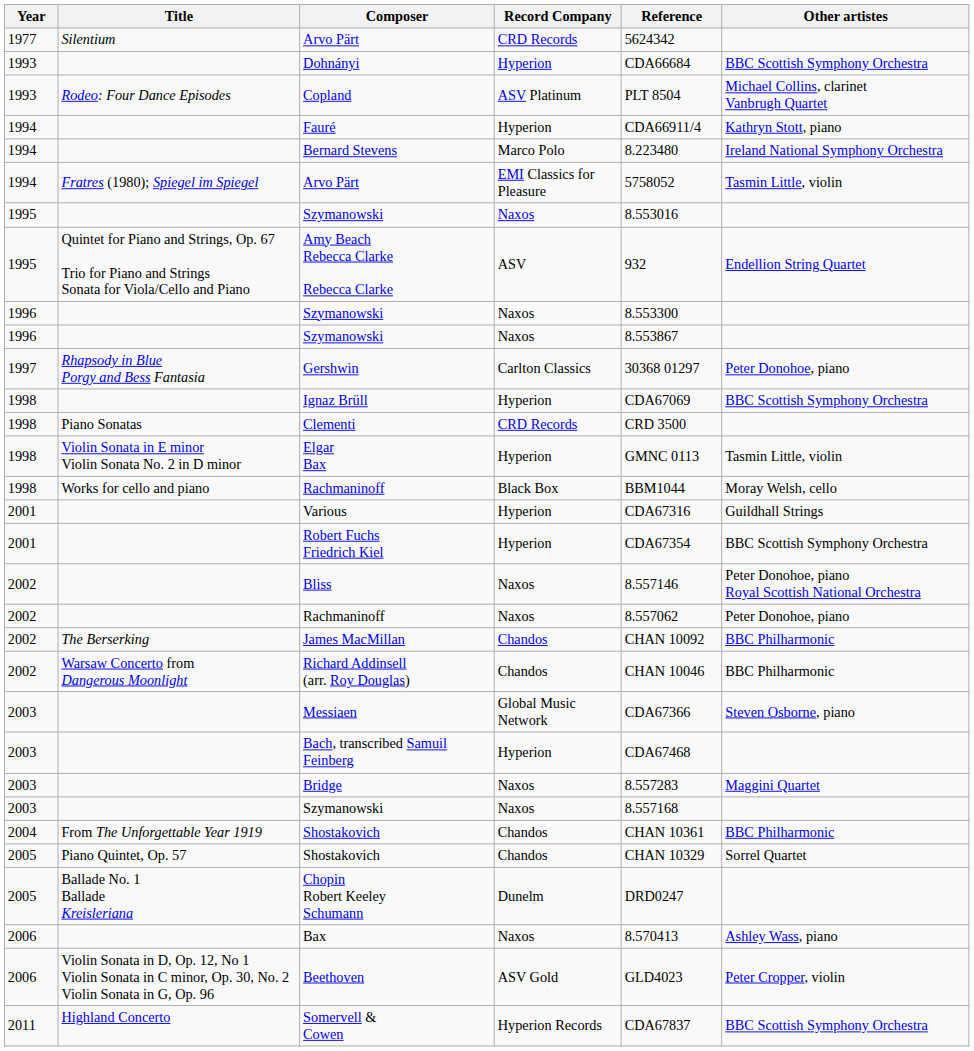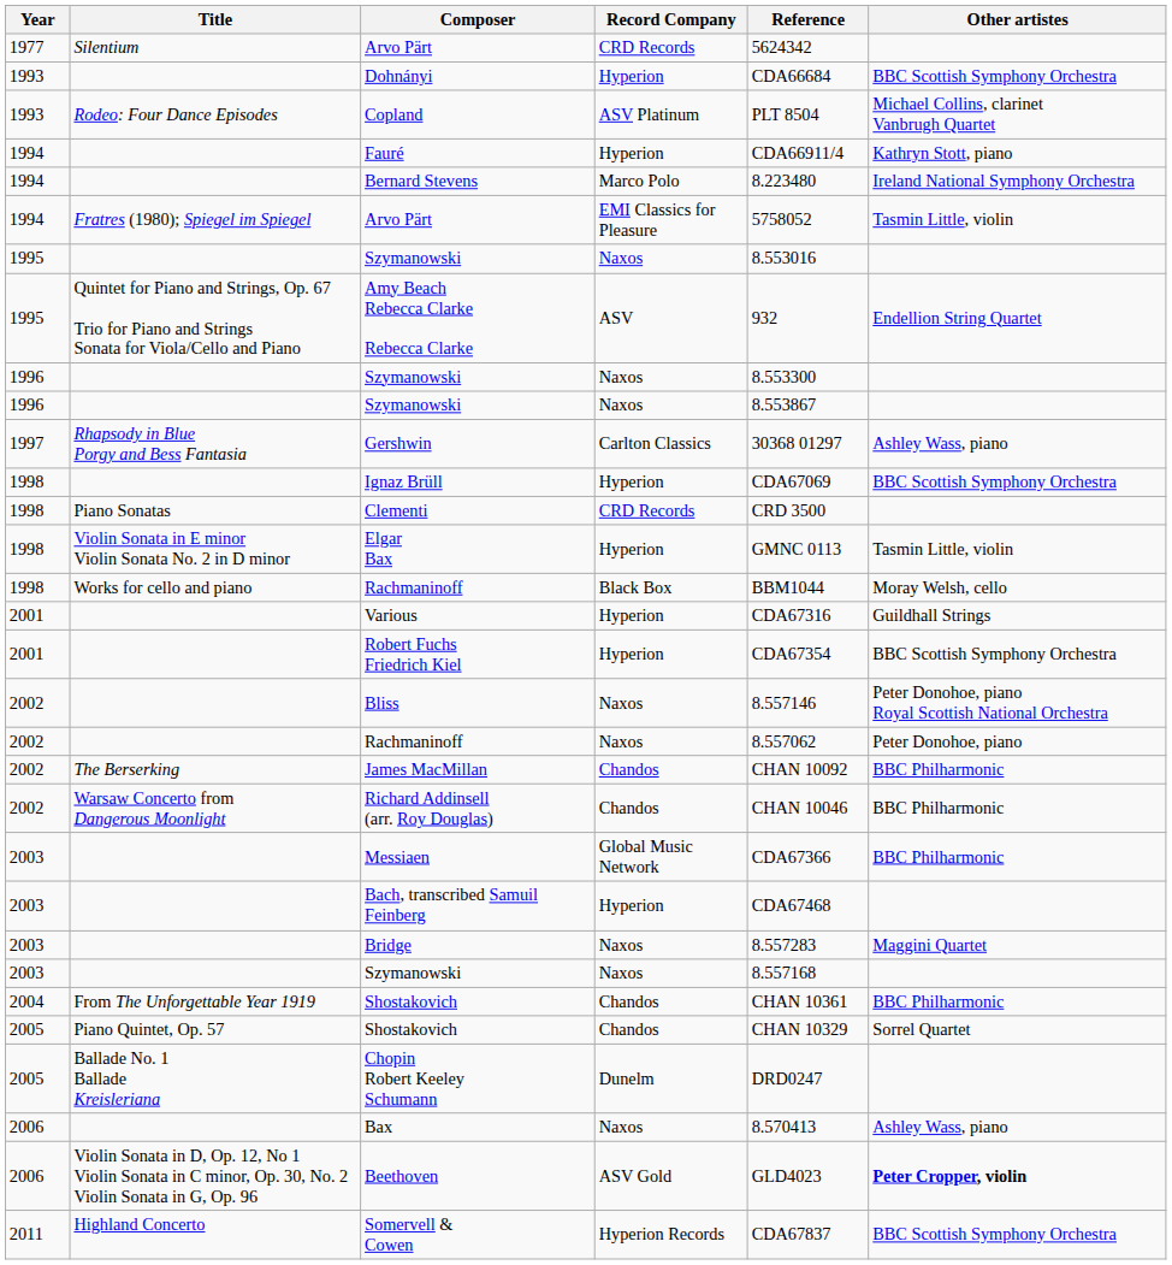 <table class="wikitable" style="font-size: 95%;">
 <tr>
 <th style="width:50px">Year</th>
 <th style="width:250px">Title</th>
 <th style="width:200px">Composer</th>
 <th style="width:128px">Record Company</th>
 <th style="width:100px">Reference</th>
 <th style="width:256px">Other artistes</th>
 </tr>
 <tr>
 <td>1977</td>
 <td><em>Silentium</em></td>
 <td><a href='#'>Arvo Pärt</a></td>
 <td><a href='#'>CRD Records</a></td>
 <td>5624342</td>
 <td></td>
 </tr>
 <tr>
 <td>1993</td>
 <td><br></td>
 <td><a href='#'>Dohnányi</a></td>
 <td><a href='#'>Hyperion</a></td>
 <td>CDA66684</td>
 <td><a href='#'>BBC Scottish Symphony Orchestra</a></td>
 </tr>
 <tr>
 <td>1993</td>
 <td><em><a href='#'>Rodeo</a>: Four Dance Episodes</em></td>
 <td><a href='#'>Copland</a></td>
 <td><a href='#'>ASV</a> Platinum</td>
 <td>PLT 8504</td>
 <td><a href='#'>Michael Collins</a>, clarinet<br><a href='#'>Vanbrugh Quartet</a></td>
 </tr>
 <tr>
 <td>1994</td>
 <td><br></td>
 <td><a href='#'>Fauré</a></td>
 <td>Hyperion</td>
 <td>CDA66911/4</td>
 <td><a href='#'>Kathryn Stott</a>, piano</td>
 </tr>
 <tr>
 <td>1994</td>
 <td></td>
 <td><a href='#'>Bernard Stevens</a></td>
 <td>Marco Polo</td>
 <td>8.223480</td>
 <td><a href='#'>Ireland National Symphony Orchestra</a></td>
 </tr>
 <tr>
 <td>1994</td>
 <td><em><a href='#'>Fratres</a></em> (1980); <em><a href='#'>Spiegel im Spiegel</a></em></td>
 <td><a href='#'>Arvo Pärt</a></td>
 <td><a href='#'>EMI</a> Classics for Pleasure</td>
 <td>5758052</td>
 <td><a href='#'>Tasmin Little</a>, violin</td>
 </tr>
 <tr>
 <td>1995</td>
 <td></td>
 <td><a href='#'>Szymanowski</a></td>
 <td><a href='#'>Naxos</a></td>
 <td>8.553016</td>
 <td></td>
 </tr>
 <tr>
 <td>1995</td>
 <td>Quintet for Piano and Strings, Op. 67<br><br>Trio for Piano and Strings<br>	 Sonata for Viola/Cello and Piano</td>
 <td><a href='#'>Amy Beach</a><br><a href='#'>Rebecca Clarke</a><br><br><a href='#'>Rebecca Clarke</a></td>
 <td>ASV</td>
 <td>932</td>
 <td><a href='#'>Endellion String Quartet</a></td>
 </tr>
 <tr>
 <td>1996</td>
 <td></td>
 <td><a href='#'>Szymanowski</a></td>
 <td>Naxos</td>
 <td>8.553300</td>
 <td></td>
 </tr>
 <tr>
 <td>1996</td>
 <td></td>
 <td><a href='#'>Szymanowski</a></td>
 <td>Naxos</td>
 <td>8.553867</td>
 <td></td>
 </tr>
 <tr>
 <td>1997</td>
 <td><em><a href='#'>Rhapsody in Blue</a></em><br><em><a href='#'>Porgy and Bess</a> Fantasia</em></td>
 <td><a href='#'>Gershwin</a></td>
 <td>Carlton Classics</td>
 <td>30368 01297</td>
-<td><a href='#'>Peter Donohoe</a>, piano</td>
+<td><a href='#'>Ashley Wass</a>, piano</td>
 </tr>
 <tr>
 <td>1998</td>
 <td><br></td>
 <td><a href='#'>Ignaz Brüll</a></td>
 <td>Hyperion</td>
 <td>CDA67069</td>
 <td><a href='#'>BBC Scottish Symphony Orchestra</a></td>
 </tr>
 <tr>
 <td>1998</td>
 <td>Piano Sonatas</td>
 <td><a href='#'>Clementi</a></td>
 <td><a href='#'>CRD Records</a></td>
 <td>CRD 3500</td>
 <td></td>
 </tr>
 <tr>
 <td>1998</td>
 <td><a href='#'>Violin Sonata in E minor</a><br>Violin Sonata No. 2 in D minor</td>
 <td><a href='#'>Elgar</a><br><a href='#'>Bax</a></td>
 <td>Hyperion</td>
 <td>GMNC 0113</td>
 <td>Tasmin Little, violin</td>
 </tr>
 <tr>
 <td>1998</td>
 <td>Works for cello and piano</td>
 <td><a href='#'>Rachmaninoff</a></td>
 <td>Black Box</td>
 <td>BBM1044</td>
 <td>Moray Welsh, cello</td>
 </tr>
 <tr>
 <td>2001</td>
 <td></td>
 <td>Various</td>
 <td>Hyperion</td>
 <td>CDA67316</td>
 <td>Guildhall Strings</td>
 </tr>
 <tr>
 <td>2001</td>
 <td><br></td>
 <td><a href='#'>Robert Fuchs</a><br><a href='#'>Friedrich Kiel</a></td>
 <td>Hyperion</td>
 <td>CDA67354</td>
 <td>BBC Scottish Symphony Orchestra</td>
 </tr>
 <tr>
 <td>2002</td>
 <td></td>
 <td><a href='#'>Bliss</a></td>
 <td>Naxos</td>
 <td>8.557146</td>
 <td>Peter Donohoe, piano<br><a href='#'>Royal Scottish National Orchestra</a></td>
 </tr>
 <tr>
 <td>2002</td>
 <td></td>
 <td>Rachmaninoff</td>
 <td>Naxos</td>
 <td>8.557062</td>
 <td>Peter Donohoe, piano</td>
 </tr>
 <tr>
 <td>2002</td>
 <td><em>The Berserking</em></td>
 <td><a href='#'>James MacMillan</a></td>
 <td><a href='#'>Chandos</a></td>
 <td>CHAN 10092</td>
 <td><a href='#'>BBC Philharmonic</a></td>
 </tr>
 <tr>
 <td>2002</td>
 <td><a href='#'>Warsaw Concerto</a> from<br><em><a href='#'>Dangerous Moonlight</a></em></td>
 <td><a href='#'>Richard Addinsell</a><br>(arr. <a href='#'>Roy Douglas</a>)</td>
 <td>Chandos</td>
 <td>CHAN 10046</td>
 <td>BBC Philharmonic</td>
 </tr>
 <tr>
 <td>2003</td>
 <td><em></em></td>
 <td><a href='#'>Messiaen</a></td>
 <td>Global Music Network</td>
 <td>CDA67366</td>
-<td><a href='#'>Steven Osborne</a>, piano</td>
+<td><a href='#'>BBC Philharmonic</a></td>
 </tr>
 <tr>
 <td>2003</td>
 <td></td>
 <td><a href='#'>Bach</a>, transcribed <a href='#'>Samuil Feinberg</a></td>
 <td>Hyperion</td>
 <td>CDA67468</td>
 <td></td>
 </tr>
 <tr>
 <td>2003</td>
 <td></td>
 <td><a href='#'>Bridge</a></td>
 <td>Naxos</td>
 <td>8.557283</td>
 <td><a href='#'>Maggini Quartet</a></td>
 </tr>
 <tr>
 <td>2003</td>
 <td></td>
 <td>Szymanowski</td>
 <td>Naxos</td>
 <td>8.557168</td>
 <td></td>
 </tr>
 <tr>
 <td>2004</td>
 <td>From <em>The Unforgettable Year 1919</em></td>
 <td><a href='#'>Shostakovich</a></td>
 <td>Chandos</td>
 <td>CHAN 10361</td>
 <td><a href='#'>BBC Philharmonic</a></td>
 </tr>
 <tr>
 <td>2005</td>
 <td>Piano Quintet, Op. 57</td>
 <td>Shostakovich</td>
 <td>Chandos</td>
 <td>CHAN 10329</td>
 <td>Sorrel Quartet</td>
 </tr>
 <tr>
 <td>2005</td>
 <td>Ballade No. 1<br>Ballade<br><em><a href='#'>Kreisleriana</a></em></td>
 <td><a href='#'>Chopin</a><br>Robert Keeley<br><a href='#'>Schumann</a></td>
 <td>Dunelm</td>
 <td>DRD0247</td>
 <td></td>
 </tr>
 <tr>
 <td>2006</td>
 <td></td>
 <td>Bax</td>
 <td>Naxos</td>
 <td>8.570413</td>
 <td><a href='#'>Ashley Wass</a>, piano</td>
 </tr>
 <tr>
 <td>2006</td>
 <td>Violin Sonata in D, Op. 12, No 1<br>Violin Sonata in C minor, Op. 30, No. 2<br>Violin Sonata in G, Op. 96</td>
 <td><a href='#'>Beethoven</a></td>
 <td>ASV Gold</td>
 <td>GLD4023</td>
-<td><a href='#'>Peter Cropper</a>, violin</td>
+<td><strong><a href='#'>Peter Cropper</a>, violin</strong></td>
 </tr>
 <tr>
 <td>2011</td>
 <td><a href='#'>Highland Concerto</a><br><br></td>
 <td><a href='#'>Somervell</a> &<br><a href='#'>Cowen</a></td>
 <td>Hyperion Records</td>
 <td>CDA67837</td>
 <td><a href='#'>BBC Scottish Symphony Orchestra</a></td>
 </tr>
 </table>
